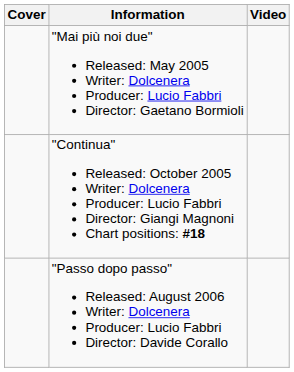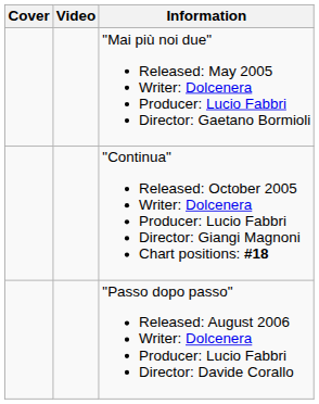 <table class="wikitable">
 <tr>
 <th align="left">Cover</th>
+<th align="left">Video</th>
 <th align="left">Information</th>
-<th align="left">Video</th>
 </tr>
 <tr>
 <td align="left"></td>
+<td align="left"></td>
 <td align="left">"Mai più noi due"<br><ul><li>Released: May 2005</li><li>Writer: <a href='#'>Dolcenera</a></li><li>Producer: <a href='#'>Lucio Fabbri</a></li><li>Director: Gaetano Bormioli</li></ul></td>
-<td align="left"></td>
 </tr>
 <tr>
 <td align="left"></td>
+<td align="left"></td>
 <td align="left">"Continua"<br><ul><li>Released: October 2005</li><li>Writer: <a href='#'>Dolcenera</a></li><li>Producer: Lucio Fabbri</li><li>Director: Giangi Magnoni</li><li>Chart positions: <strong>#18</strong></li></ul></td>
-<td align="left"></td>
 </tr>
 <tr>
 <td align="left"></td>
+<td align="left"></td>
 <td align="left">"Passo dopo passo"<br><ul><li>Released: August 2006</li><li>Writer: <a href='#'>Dolcenera</a></li><li>Producer: Lucio Fabbri</li><li>Director: Davide Corallo</li></ul></td>
-<td align="left"></td>
 </tr>
 </table>
